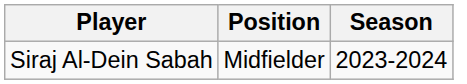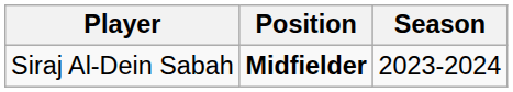 <table class="wikitable" style="text-align:center">
 <tr>
 <th>Player</th>
 <th>Position</th>
 <th>Season</th>
 </tr>
 <tr>
 <td align="left"> Siraj Al-Dein Sabah</td>
-<td align="left">Midfielder</td>
+<td align="left"><strong>Midfielder</strong></td>
 <td rowspan=3>2023-2024</td>
 </tr>
 </table>
